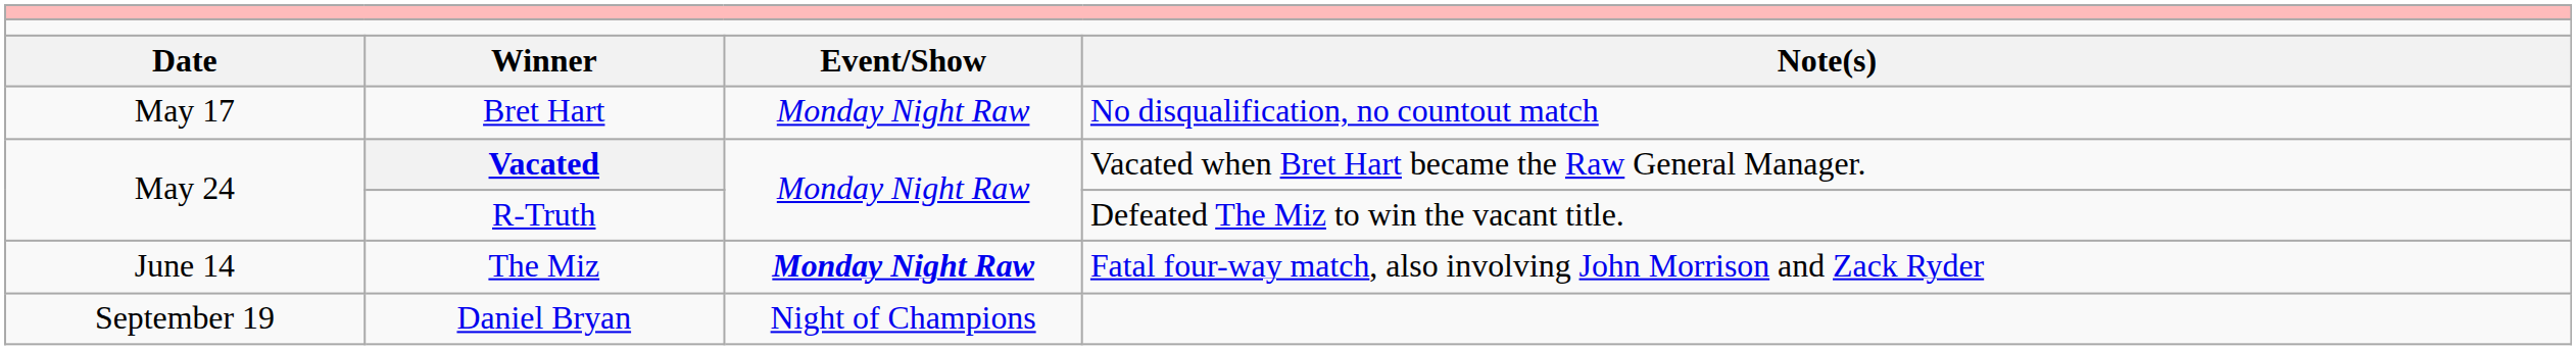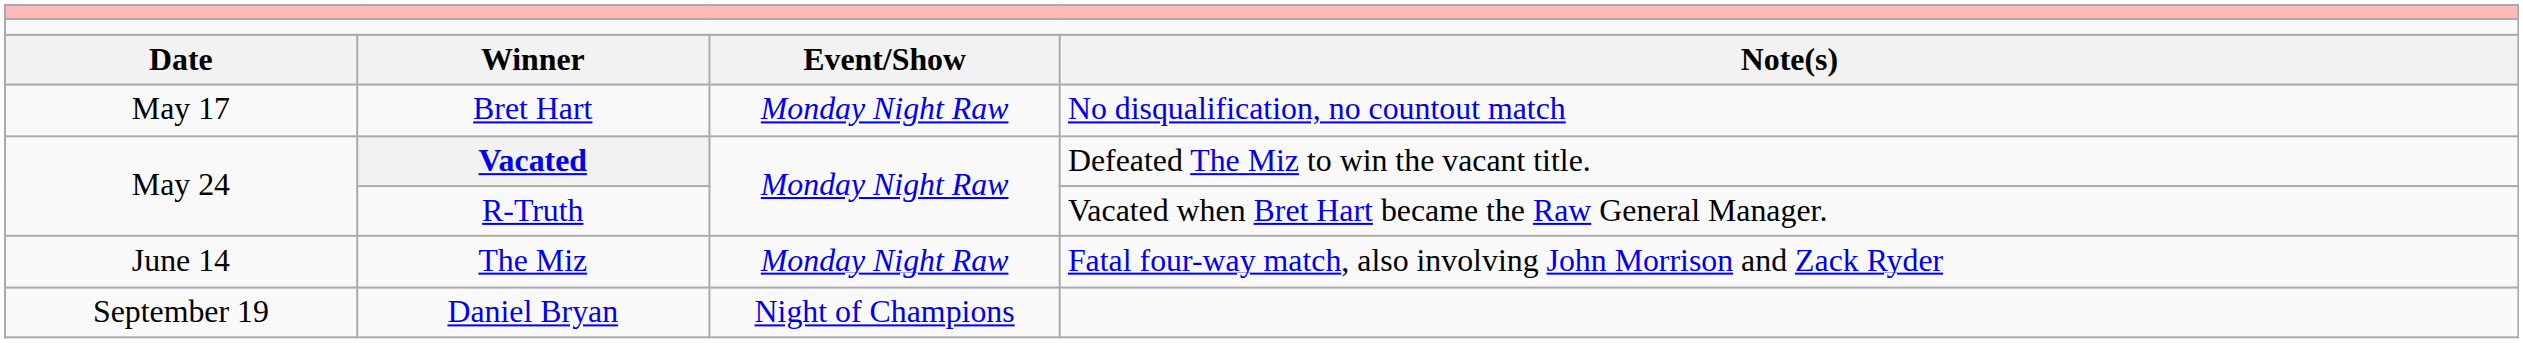 <table class="wikitable" style="text-align:center; width:100%;">
 <tr style="background:#FBB;">
 <td colspan="5"></td>
 </tr>
 <tr>
 <td colspan="5"><strong></strong></td>
 </tr>
 <tr>
 <th width=14%>Date</th>
 <th width=14%>Winner</th>
 <th width=14%>Event/Show</th>
 <th width=58%>Note(s)</th>
 </tr>
 <tr>
 <td>May 17</td>
 <td><a href='#'>Bret Hart</a></td>
 <td><em><a href='#'>Monday Night Raw</a></em></td>
 <td align=left><a href='#'>No disqualification, no countout match</a></td>
 </tr>
 <tr>
 <td rowspan=2>May 24</td>
 <th><a href='#'>Vacated</a></th>
 <td rowspan="2"><em><a href='#'>Monday Night Raw</a></em></td>
-<td align=left>Vacated when <a href='#'>Bret Hart</a> became the <a href='#'>Raw</a> General Manager.</td>
+<td align=left>Defeated <a href='#'>The Miz</a> to win the vacant title.</td>
 </tr>
 <tr>
 <td><a href='#'>R-Truth</a></td>
-<td align=left>Defeated <a href='#'>The Miz</a> to win the vacant title.</td>
+<td align=left>Vacated when <a href='#'>Bret Hart</a> became the <a href='#'>Raw</a> General Manager.</td>
 </tr>
 <tr>
 <td>June 14</td>
 <td><a href='#'>The Miz</a></td>
-<td><strong><em><a href='#'>Monday Night Raw</a></em></strong></td>
+<td><em><a href='#'>Monday Night Raw</a></em></td>
 <td align=left><a href='#'>Fatal four-way match</a>, also involving <a href='#'>John Morrison</a> and <a href='#'>Zack Ryder</a></td>
 </tr>
 <tr>
 <td>September 19</td>
 <td><a href='#'>Daniel Bryan</a></td>
 <td><a href='#'>Night of Champions</a></td>
 <td></td>
 </tr>
 </table>
